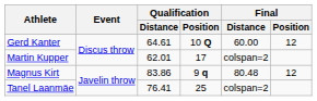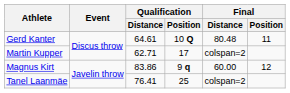 <table class=wikitable style=font-size:90%>
 <tr>
 <th rowspan=2>Athlete</th>
 <th rowspan=2>Event</th>
 <th colspan=2>Qualification</th>
 <th colspan=2>Final</th>
 </tr>
 <tr style=font-size:95%>
 <th>Distance</th>
 <th>Position</th>
 <th>Distance</th>
 <th>Position</th>
 </tr>
 <tr align=center>
 <td align=left><a href='#'>Gerd Kanter</a></td>
 <td align=left rowspan=2><a href='#'>Discus throw</a></td>
 <td>64.61</td>
 <td>10 <strong>Q</strong></td>
-<td>60.00</td>
-<td>12</td>
+<td>80.48</td>
+<td>11</td>
 </tr>
 <tr align=center>
 <td align=left><a href='#'>Martin Kupper</a></td>
-<td>62.01</td>
+<td>62.71</td>
 <td>17</td>
 <td>colspan=2 </td>
 </tr>
 <tr align=center>
 <td align=left><a href='#'>Magnus Kirt</a></td>
 <td align=left rowspan=2><a href='#'>Javelin throw</a></td>
 <td>83.86</td>
 <td>9 <strong>q</strong></td>
-<td>80.48</td>
+<td>60.00</td>
 <td>12</td>
 </tr>
 <tr align=center>
 <td align=left><a href='#'>Tanel Laanmäe</a></td>
 <td>76.41</td>
 <td>25</td>
 <td>colspan=2 </td>
 </tr>
 </table>
